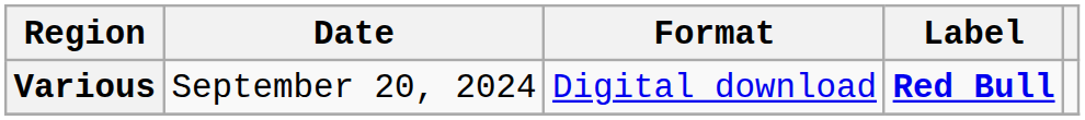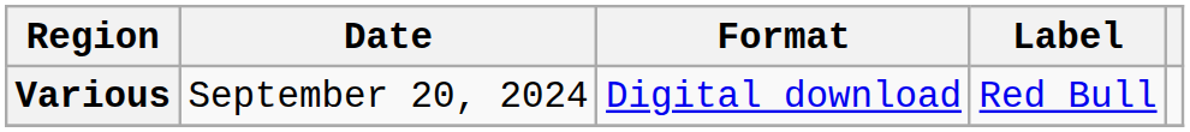 <table class="wikitable plainrowheaders">
 <tr>
 <th scope="col">Region</th>
 <th scope="col">Date</th>
 <th scope="col">Format</th>
 <th scope="col">Label</th>
 <th scope="col"></th>
 </tr>
 <tr>
 <th scope="row">Various</th>
 <td>September 20, 2024</td>
 <td><a href='#'>Digital download</a></td>
-<td><strong><a href='#'>Red Bull</a></strong></td>
+<td><a href='#'>Red Bull</a></td>
 <td align="center"></td>
 </tr>
 <tr>
 </tr>
 </table>
